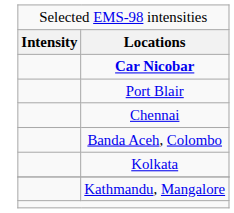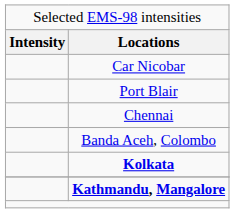 <table class="wikitable" style="float: right; text-align: center; font-size:90%;">
 <tr>
 <td colspan="2" style="text-align: center;">Selected <a href='#'>EMS-98</a> intensities</td>
 </tr>
 <tr>
 <th>Intensity</th>
 <th>Locations</th>
 </tr>
 <tr>
 <td></td>
-<td><strong><a href='#'>Car Nicobar</a></strong></td>
+<td><a href='#'>Car Nicobar</a></td>
 </tr>
 <tr>
 <td></td>
 <td><a href='#'>Port Blair</a></td>
 </tr>
 <tr>
 <td></td>
 <td><a href='#'>Chennai</a></td>
 </tr>
 <tr>
 <td></td>
 <td><a href='#'>Banda Aceh</a>, <a href='#'>Colombo</a></td>
 </tr>
 <tr>
 <td></td>
-<td><a href='#'>Kolkata</a></td>
+<td><strong><a href='#'>Kolkata</a></strong></td>
 </tr>
 <tr>
 </tr>
 <tr>
 <td></td>
-<td><a href='#'>Kathmandu</a>, <a href='#'>Mangalore</a></td>
+<td><strong><a href='#'>Kathmandu</a>, <a href='#'>Mangalore</a></strong></td>
 </tr>
 <tr>
 <td colspan="3" style="text-align: center;"><small></small></td>
 </tr>
 </table>
